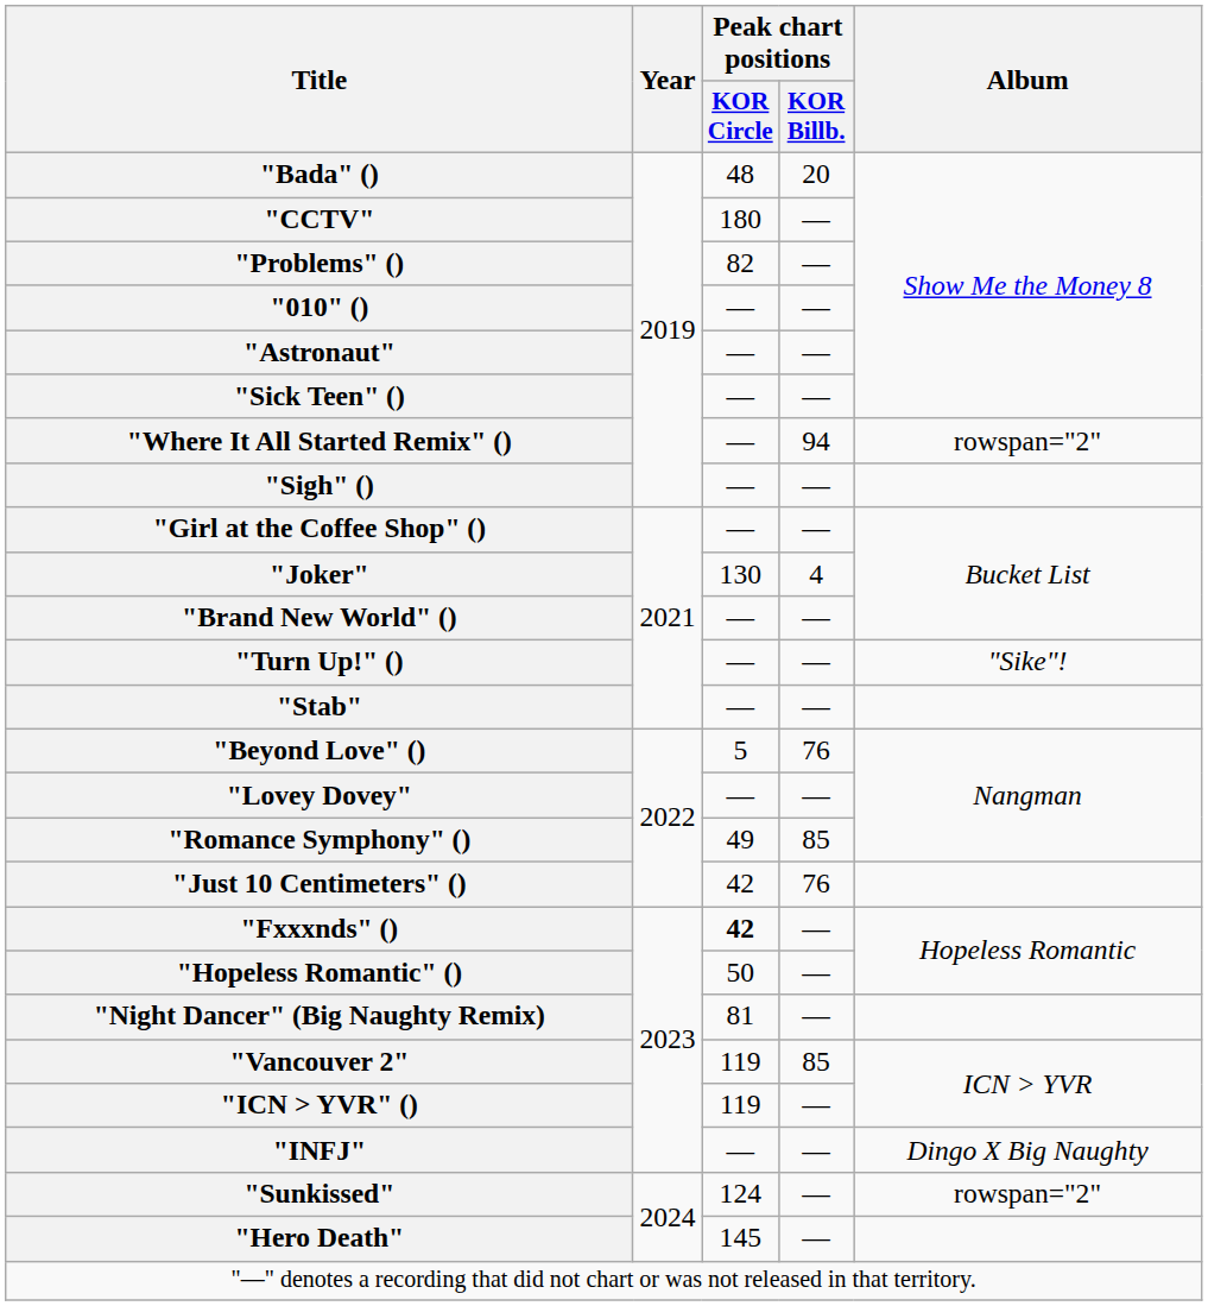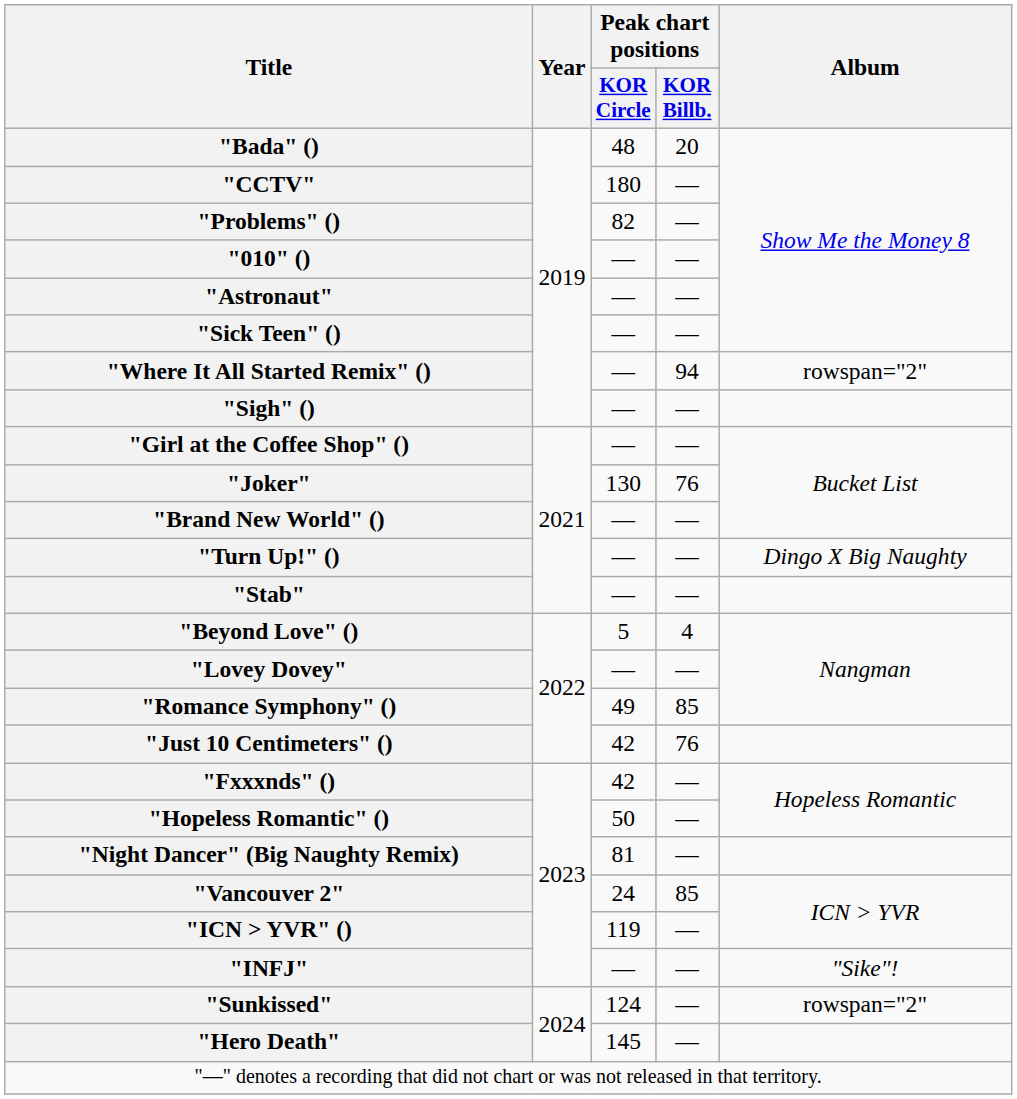 <table class="wikitable plainrowheaders" style="text-align:center;" border="1">
 <tr>
 <th scope="col" rowspan="2" style="width:22em;">Title</th>
 <th scope="col" rowspan="2">Year</th>
 <th scope="col" colspan="2">Peak chart<br>positions</th>
 <th scope="col" rowspan="2" style="width:12em;">Album</th>
 </tr>
 <tr>
 <th scope="col" style="font-size:90%; width:2.5em"><a href='#'>KOR<br>Circle</a><br></th>
 <th scope="col" style="font-size:90%; width:2.5em"><a href='#'>KOR<br>Billb.</a><br></th>
 </tr>
 <tr>
 <th scope="row">"Bada" ()<br></th>
 <td rowspan="8">2019</td>
 <td>48</td>
 <td>20</td>
 <td rowspan="6"><em><a href='#'>Show Me the Money 8</a></em></td>
 </tr>
 <tr>
 <th scope="row">"CCTV" <br></th>
 <td>180</td>
 <td>—</td>
 </tr>
 <tr>
 <th scope="row">"Problems" ()<br></th>
 <td>82</td>
 <td>—</td>
 </tr>
 <tr>
 <th scope="row">"010" ()<br></th>
 <td>—</td>
 <td>—</td>
 </tr>
 <tr>
 <th scope="row">"Astronaut"</th>
 <td>—</td>
 <td>—</td>
 </tr>
 <tr>
 <th scope="row">"Sick Teen" ()<br></th>
 <td>—</td>
 <td>—</td>
 </tr>
 <tr>
 <th scope="row">"Where It All Started Remix" ()<br></th>
 <td>—</td>
 <td>94</td>
 <td>rowspan="2" </td>
 </tr>
 <tr>
 <th scope="row">"Sigh" ()<br></th>
 <td>—</td>
 <td>—</td>
 </tr>
 <tr>
 <th scope="row">"Girl at the Coffee Shop" ()<br></th>
 <td rowspan="5">2021</td>
 <td>—</td>
 <td>—</td>
 <td rowspan="3"><em>Bucket List</em></td>
 </tr>
 <tr>
 <th scope="row">"Joker"<br></th>
 <td>130</td>
-<td>4</td>
+<td>76</td>
 </tr>
 <tr>
 <th scope="row">"Brand New World" ()<br></th>
 <td>—</td>
 <td>—</td>
 </tr>
 <tr>
 <th scope="row">"Turn Up!" ()<br></th>
 <td>—</td>
 <td>—</td>
-<td><em>"Sike"!</em></td>
+<td><em>Dingo X Big Naughty</em></td>
 </tr>
 <tr>
 <th scope="row">"Stab"<br></th>
 <td>—</td>
 <td>—</td>
 <td></td>
 </tr>
 <tr>
 <th scope="row">"Beyond Love" ()<br></th>
 <td rowspan="4">2022</td>
 <td>5</td>
-<td>76</td>
+<td>4</td>
 <td rowspan="3"><em>Nangman</em></td>
 </tr>
 <tr>
 <th scope="row">"Lovey Dovey"<br></th>
 <td>—</td>
 <td>—</td>
 </tr>
 <tr>
 <th scope="row">"Romance Symphony" ()<br></th>
 <td>49</td>
 <td>85</td>
 </tr>
 <tr>
 <th scope="row">"Just 10 Centimeters" ()<br></th>
 <td>42</td>
 <td>76</td>
 <td></td>
 </tr>
 <tr>
 <th scope="row">"Fxxxnds" ()<br></th>
 <td rowspan="6">2023</td>
-<td><strong>42</strong></td>
+<td>42</td>
 <td>—</td>
 <td rowspan="2"><em>Hopeless Romantic</em></td>
 </tr>
 <tr>
 <th scope="row">"Hopeless Romantic" ()<br></th>
 <td>50</td>
 <td>—</td>
 </tr>
 <tr>
 <th scope="row">"Night Dancer" (Big Naughty Remix)<br></th>
 <td>81</td>
 <td>—</td>
 <td></td>
 </tr>
 <tr>
 <th scope="row">"Vancouver 2"</th>
-<td>119</td>
+<td>24</td>
 <td>85</td>
 <td rowspan="2"><em>ICN > YVR</em></td>
 </tr>
 <tr>
 <th scope="row">"ICN > YVR" ()</th>
 <td>119</td>
 <td>—</td>
 </tr>
 <tr>
 <th scope="row">"INFJ"<br></th>
 <td>—</td>
 <td>—</td>
-<td><em>Dingo X Big Naughty</em></td>
+<td><em>"Sike"!</em></td>
 </tr>
 <tr>
 <th scope="row">"Sunkissed"<br></th>
 <td rowspan="2">2024</td>
 <td>124</td>
 <td>—</td>
 <td>rowspan="2" </td>
 </tr>
 <tr>
 <th scope="row">"Hero Death"<br></th>
 <td>145</td>
 <td>—</td>
 </tr>
 <tr>
 <td colspan="5" style="font-size:85%">"—" denotes a recording that did not chart or was not released in that territory.</td>
 </tr>
 </table>
